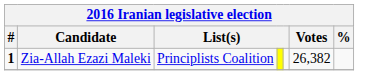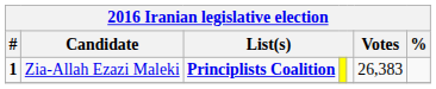 <table class=wikitable style=text-align:left>
 <tr>
 <th colspan="7" align=center><a href='#'>2016 Iranian legislative election</a></th>
 </tr>
 <tr>
 <th>#</th>
 <th>Candidate</th>
 <th colspan="3">List(s)</th>
 <th>Votes</th>
 <th>%</th>
 </tr>
 <tr>
 <td><strong>1</strong></td>
 <td><a href='#'>Zia-Allah Ezazi Maleki</a></td>
-<td><a href='#'>Principlists Coalition</a></td>
+<td><strong><a href='#'>Principlists Coalition</a></strong></td>
 <td style="background:#FFFF00"></td>
 <td></td>
-<td>26,382</td>
+<td>26,383</td>
 <td></td>
 </tr>
 <tr>
 </tr>
 </table>
